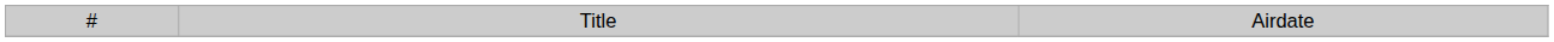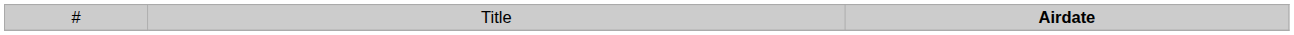 <table class="wikitable plainrowheaders">
 <tr>
 </tr>
 <tr bgcolor=#CCCCCC>
 <td align="center" width="1%">#</td>
 <td align="center" width="5%">Title </td>
-<td align="center" width="3%">Airdate</td>
+<td align="center" width="3%"><strong>Airdate</strong></td>
 </tr>
 <tr>
 </tr>
 </table>
